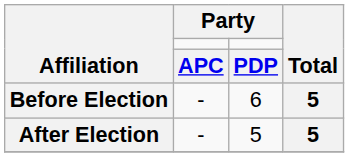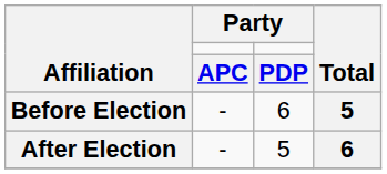 <table class=wikitable style="text-align:center">
 <tr style="vertical-align:bottom;">
 <th rowspan=3>Affiliation</th>
 <th colspan=2>Party</th>
 <th rowspan=3>Total</th>
 </tr>
 <tr>
 <td style="background-color:"></td>
 <td style="background-color:"></td>
 </tr>
 <tr>
 <th><a href='#'>APC</a></th>
 <th><a href='#'>PDP</a></th>
 </tr>
 <tr>
 <th>Before Election</th>
 <td>-</td>
 <td>6</td>
 <th>5</th>
 </tr>
 <tr>
 <th>After Election</th>
 <td>-</td>
 <td>5</td>
-<th>5</th>
+<th>6</th>
 </tr>
 <tr>
 </tr>
 </table>
